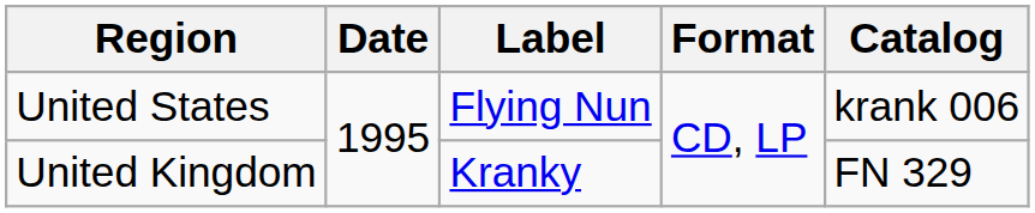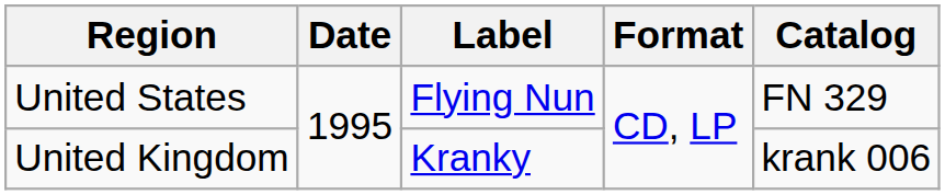 <table class="wikitable">
 <tr>
 <th>Region</th>
 <th>Date</th>
 <th>Label</th>
 <th>Format</th>
 <th>Catalog</th>
 </tr>
 <tr>
 <td>United States</td>
 <td rowspan="2">1995</td>
 <td><a href='#'>Flying Nun</a></td>
 <td rowspan="2"><a href='#'>CD</a>, <a href='#'>LP</a></td>
-<td>krank 006</td>
+<td>FN 329</td>
 </tr>
 <tr>
 <td>United Kingdom</td>
 <td><a href='#'>Kranky</a></td>
-<td>FN 329</td>
+<td>krank 006</td>
 </tr>
 </table>
